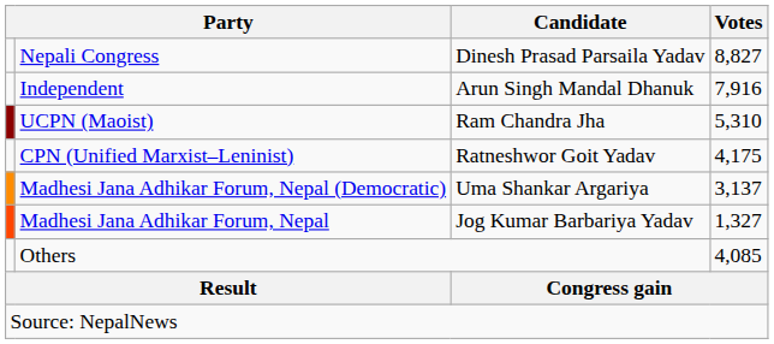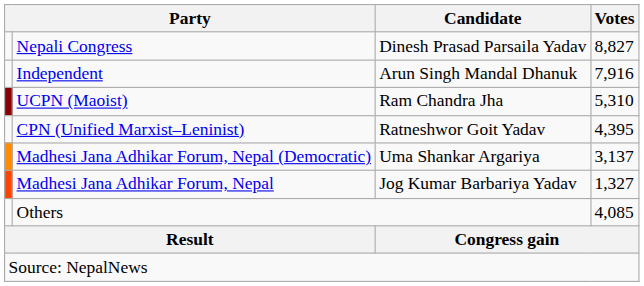 <table class="wikitable">
 <tr>
 <th colspan="2">Party</th>
 <th>Candidate</th>
 <th>Votes</th>
 </tr>
 <tr>
 <td style="background-color:"></td>
 <td><a href='#'>Nepali Congress</a></td>
 <td>Dinesh Prasad Parsaila Yadav</td>
 <td>8,827</td>
 </tr>
 <tr>
 <td style="background-color:"></td>
 <td><a href='#'>Independent</a></td>
 <td>Arun Singh Mandal Dhanuk</td>
 <td>7,916</td>
 </tr>
 <tr>
 <td style="background-color:darkred"></td>
 <td><a href='#'>UCPN (Maoist)</a></td>
 <td>Ram Chandra Jha</td>
 <td>5,310</td>
 </tr>
 <tr>
 <td style="background-color:"></td>
 <td><a href='#'>CPN (Unified Marxist–Leninist)</a></td>
 <td>Ratneshwor Goit Yadav</td>
-<td>4,175</td>
+<td>4,395</td>
 </tr>
 <tr>
 <td style="background-color:darkorange"></td>
 <td><a href='#'>Madhesi Jana Adhikar Forum, Nepal (Democratic)</a></td>
 <td>Uma Shankar Argariya</td>
 <td>3,137</td>
 </tr>
 <tr>
 <td style="background-color:orangered"></td>
 <td><a href='#'>Madhesi Jana Adhikar Forum, Nepal</a></td>
 <td>Jog Kumar Barbariya Yadav</td>
 <td>1,327</td>
 </tr>
 <tr>
 <td></td>
 <td colspan="2">Others</td>
 <td>4,085</td>
 </tr>
 <tr>
 <th colspan="2">Result</th>
 <th colspan="2">Congress gain</th>
 </tr>
 <tr>
 <td colspan="4">Source: NepalNews</td>
 </tr>
 </table>
